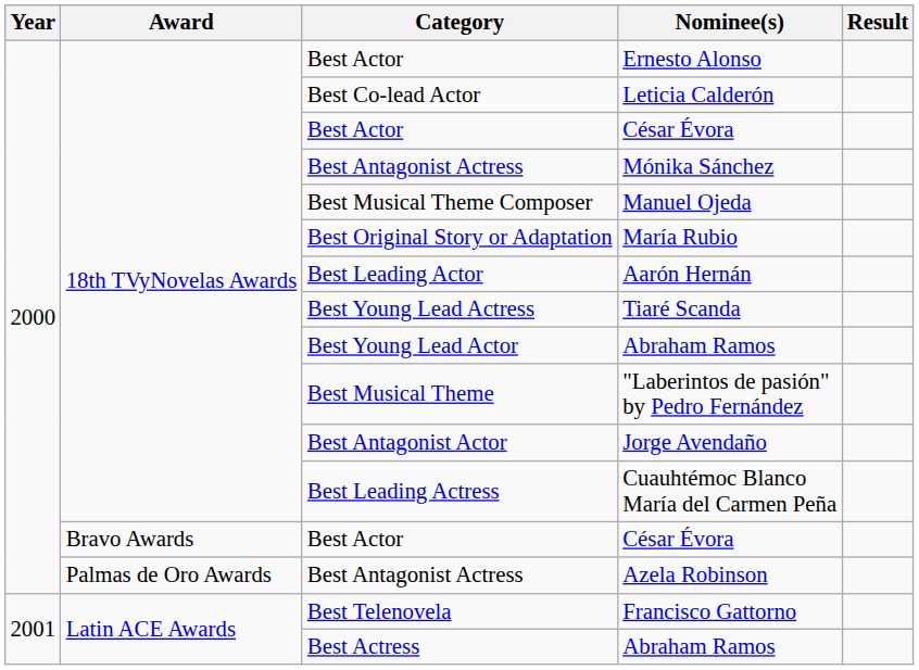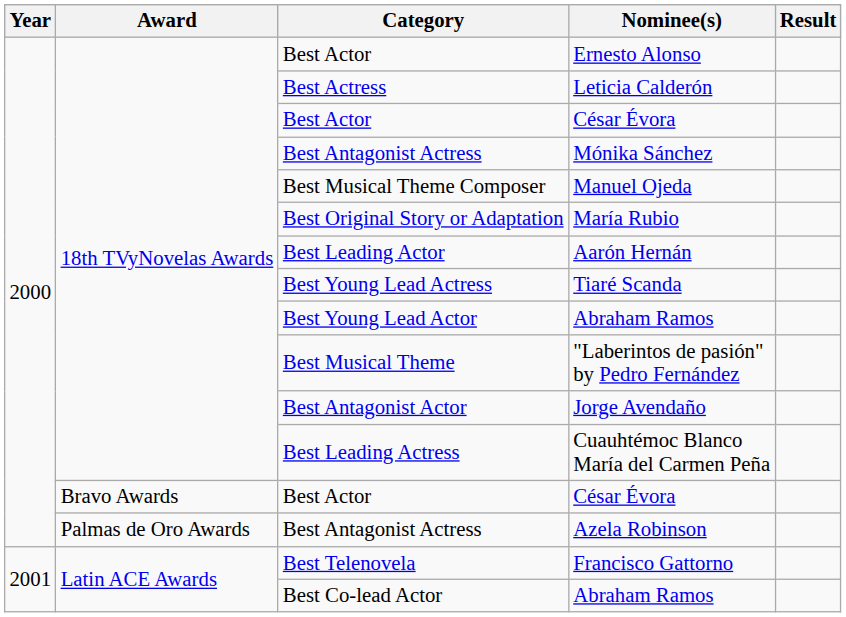 <table class="wikitable">
 <tr style="background:#b0c4de;">
 <th>Year</th>
 <th>Award</th>
 <th>Category</th>
 <th>Nominee(s)</th>
 <th>Result</th>
 </tr>
 <tr>
 <td rowspan=14>2000</td>
 <td rowspan=12><a href='#'>18th TVyNovelas Awards</a></td>
 <td>Best Actor</td>
 <td><a href='#'>Ernesto Alonso</a></td>
 <td></td>
 </tr>
 <tr>
-<td>Best Co-lead Actor</td>
+<td><a href='#'>Best Actress</a></td>
 <td><a href='#'>Leticia Calderón</a></td>
 <td></td>
 </tr>
 <tr>
 <td><a href='#'>Best Actor</a></td>
 <td><a href='#'>César Évora</a></td>
 <td></td>
 </tr>
 <tr>
 <td><a href='#'>Best Antagonist Actress</a></td>
 <td><a href='#'>Mónika Sánchez</a></td>
 <td></td>
 </tr>
 <tr>
 <td>Best Musical Theme Composer</td>
 <td><a href='#'>Manuel Ojeda</a></td>
 <td></td>
 </tr>
 <tr>
 <td><a href='#'>Best Original Story or Adaptation</a></td>
 <td><a href='#'>María Rubio</a></td>
 <td></td>
 </tr>
 <tr>
 <td><a href='#'>Best Leading Actor</a></td>
 <td><a href='#'>Aarón Hernán</a></td>
 <td></td>
 </tr>
 <tr>
 <td><a href='#'>Best Young Lead Actress</a></td>
 <td><a href='#'>Tiaré Scanda</a></td>
 <td></td>
 </tr>
 <tr>
 <td><a href='#'>Best Young Lead Actor</a></td>
 <td><a href='#'>Abraham Ramos</a></td>
 <td></td>
 </tr>
 <tr>
 <td><a href='#'>Best Musical Theme</a></td>
 <td>"Laberintos de pasión" <br> by <a href='#'>Pedro Fernández</a></td>
 <td></td>
 </tr>
 <tr>
 <td><a href='#'>Best Antagonist Actor</a></td>
 <td><a href='#'>Jorge Avendaño</a></td>
 <td></td>
 </tr>
 <tr>
 <td><a href='#'>Best Leading Actress</a></td>
 <td>Cuauhtémoc Blanco <br> María del Carmen Peña</td>
 <td></td>
 </tr>
 <tr>
 <td>Bravo Awards</td>
 <td>Best Actor</td>
 <td><a href='#'>César Évora</a></td>
 <td></td>
 </tr>
 <tr>
 <td>Palmas de Oro Awards</td>
 <td>Best Antagonist Actress</td>
 <td><a href='#'>Azela Robinson</a></td>
 <td></td>
 </tr>
 <tr>
 <td rowspan=2>2001</td>
 <td rowspan=2><a href='#'>Latin ACE Awards</a></td>
 <td><a href='#'>Best Telenovela</a></td>
 <td><a href='#'>Francisco Gattorno</a></td>
 <td></td>
 </tr>
 <tr>
-<td><a href='#'>Best Actress</a></td>
+<td>Best Co-lead Actor</td>
 <td><a href='#'>Abraham Ramos</a></td>
 <td></td>
 </tr>
 </table>
